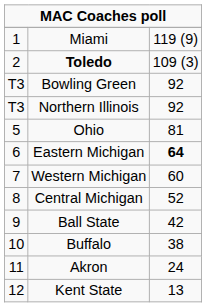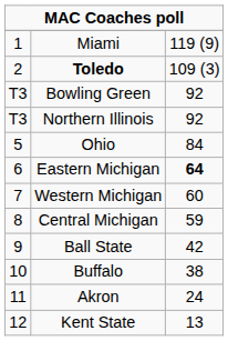 <table class="wikitable" style="display: inline-table;">
 <tr align="center">
 <td align="center" Colspan="3"><strong>MAC Coaches poll</strong></td>
 </tr>
 <tr align="center">
 </tr>
 <tr align="center">
 <td>1</td>
 <td>Miami</td>
 <td>119 (9)</td>
 </tr>
 <tr align="center">
 <td>2</td>
 <td><strong>Toledo</strong></td>
 <td>109 (3)</td>
 </tr>
 <tr align="center">
 <td>T3</td>
 <td>Bowling Green</td>
 <td>92</td>
 </tr>
 <tr align="center">
 <td>T3</td>
 <td>Northern Illinois</td>
 <td>92</td>
 </tr>
 <tr align="center">
 <td>5</td>
 <td>Ohio</td>
-<td>81</td>
+<td>84</td>
 </tr>
 <tr align="center">
 <td>6</td>
 <td>Eastern Michigan</td>
 <td><strong>64</strong></td>
 </tr>
 <tr align="center">
 <td>7</td>
 <td>Western Michigan</td>
 <td>60</td>
 </tr>
 <tr align="center">
 <td>8</td>
 <td>Central Michigan</td>
-<td>52</td>
+<td>59</td>
 </tr>
 <tr align="center">
 <td>9</td>
 <td>Ball State</td>
 <td>42</td>
 </tr>
 <tr align="center">
 <td>10</td>
 <td>Buffalo</td>
 <td>38</td>
 </tr>
 <tr align="center">
 <td>11</td>
 <td>Akron</td>
 <td>24</td>
 </tr>
 <tr align="center">
 <td>12</td>
 <td>Kent State</td>
 <td>13</td>
 </tr>
 </table>
